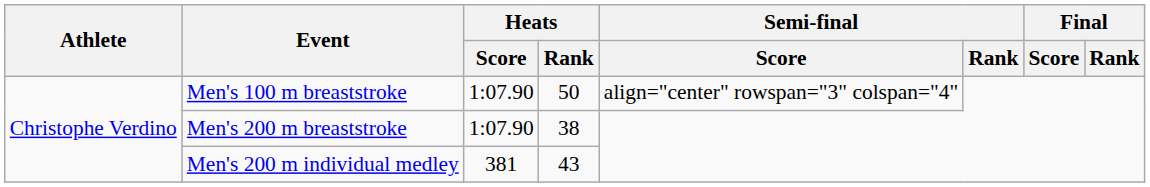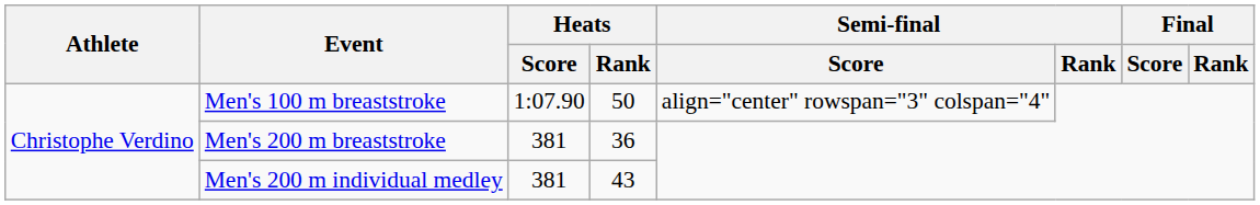 <table class="wikitable" style="font-size:90%">
 <tr>
 <th rowspan="2">Athlete</th>
 <th rowspan="2">Event</th>
 <th colspan="2">Heats</th>
 <th colspan="2">Semi-final</th>
 <th colspan="2">Final</th>
 </tr>
 <tr>
 <th>Score</th>
 <th>Rank</th>
 <th>Score</th>
 <th>Rank</th>
 <th>Score</th>
 <th>Rank</th>
 </tr>
 <tr>
 <td rowspan="3"><a href='#'>Christophe Verdino</a></td>
 <td><a href='#'>Men's 100 m breaststroke</a></td>
 <td align="center">1:07.90</td>
 <td align="center">50</td>
 <td>align="center" rowspan="3" colspan="4" </td>
 </tr>
 <tr>
 <td><a href='#'>Men's 200 m breaststroke</a></td>
-<td align="center">1:07.90</td>
-<td align="center">38</td>
+<td align="center">381</td>
+<td align="center">36</td>
 </tr>
 <tr>
 <td><a href='#'>Men's 200 m individual medley</a></td>
 <td align="center">381</td>
 <td align="center">43</td>
 </tr>
 </table>
